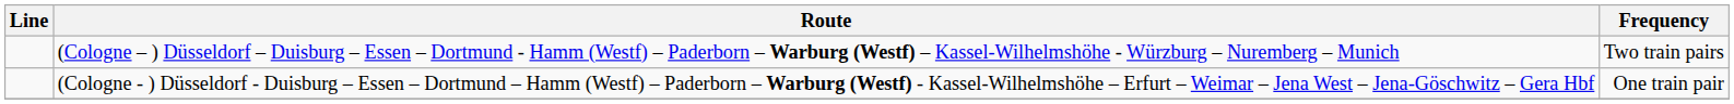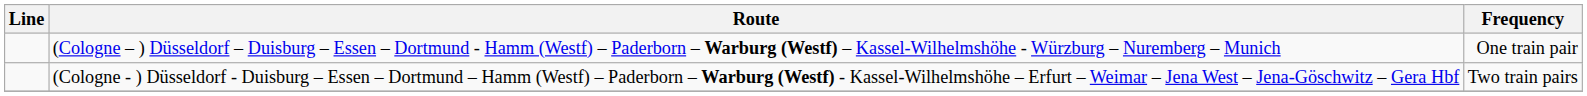 <table class="wikitable">
 <tr class="hintergrundfarbe5">
 <th>Line</th>
 <th>Route</th>
 <th>Frequency</th>
 </tr>
 <tr>
 <td></td>
 <td>(<a href='#'>Cologne</a> – ) <a href='#'>Düsseldorf</a> – <a href='#'>Duisburg</a> – <a href='#'>Essen</a> – <a href='#'>Dortmund</a> - <a href='#'>Hamm (Westf)</a> – <a href='#'>Paderborn</a> – <strong>Warburg (Westf)</strong> – <a href='#'>Kassel-Wilhelmshöhe</a> - <a href='#'>Würzburg</a> – <a href='#'>Nuremberg</a> – <a href='#'>Munich</a> </td>
-<td align="right">Two train pairs</td>
+<td align="right">One train pair</td>
 </tr>
 <tr>
 <td></td>
 <td>(Cologne - ) Düsseldorf - Duisburg – Essen – Dortmund – Hamm (Westf) – Paderborn – <strong>Warburg (Westf)</strong> - Kassel-Wilhelmshöhe – Erfurt – <a href='#'>Weimar</a> – <a href='#'>Jena West</a> – <a href='#'>Jena-Göschwitz</a> – <a href='#'>Gera Hbf</a></td>
-<td align="right">One train pair</td>
+<td align="right">Two train pairs</td>
 </tr>
 <tr>
 </tr>
 </table>
